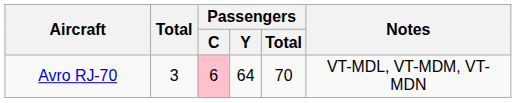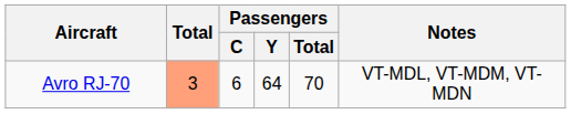 <table class="wikitable" style="margin:1em auto; border-collapse:collapse;text-align:center">
 <tr>
 <th rowspan="2" style="width:140px;">Aircraft</th>
 <th rowspan="2" style="width:40px;">Total</th>
 <th colspan="3" class="unsortable">Passengers</th>
 <th rowspan="2" style="width:200px;">Notes</th>
 </tr>
 <tr>
 <th style="width:25px;"><abbr>C</abbr></th>
 <th style="width:25px;"><abbr>Y</abbr></th>
 <th style="width:25px;">Total</th>
 </tr>
 <tr>
 <td><a href='#'>Avro RJ-70</a></td>
-<td>3</td>
-<td style="background: pink;">6</td>
+<td style="background: lightsalmon;">3</td>
+<td>6</td>
 <td>64</td>
 <td>70</td>
 <td>VT-MDL, VT-MDM, VT-MDN</td>
 </tr>
 </table>
